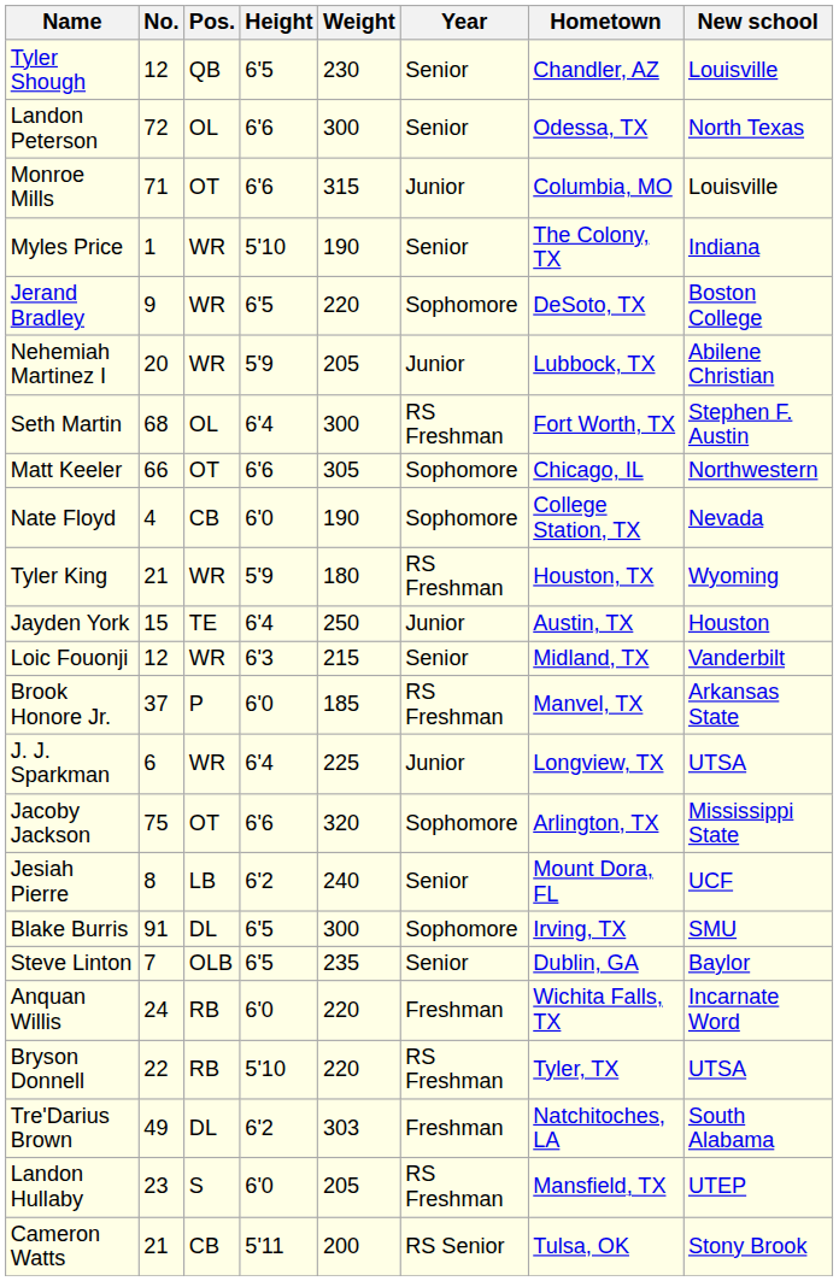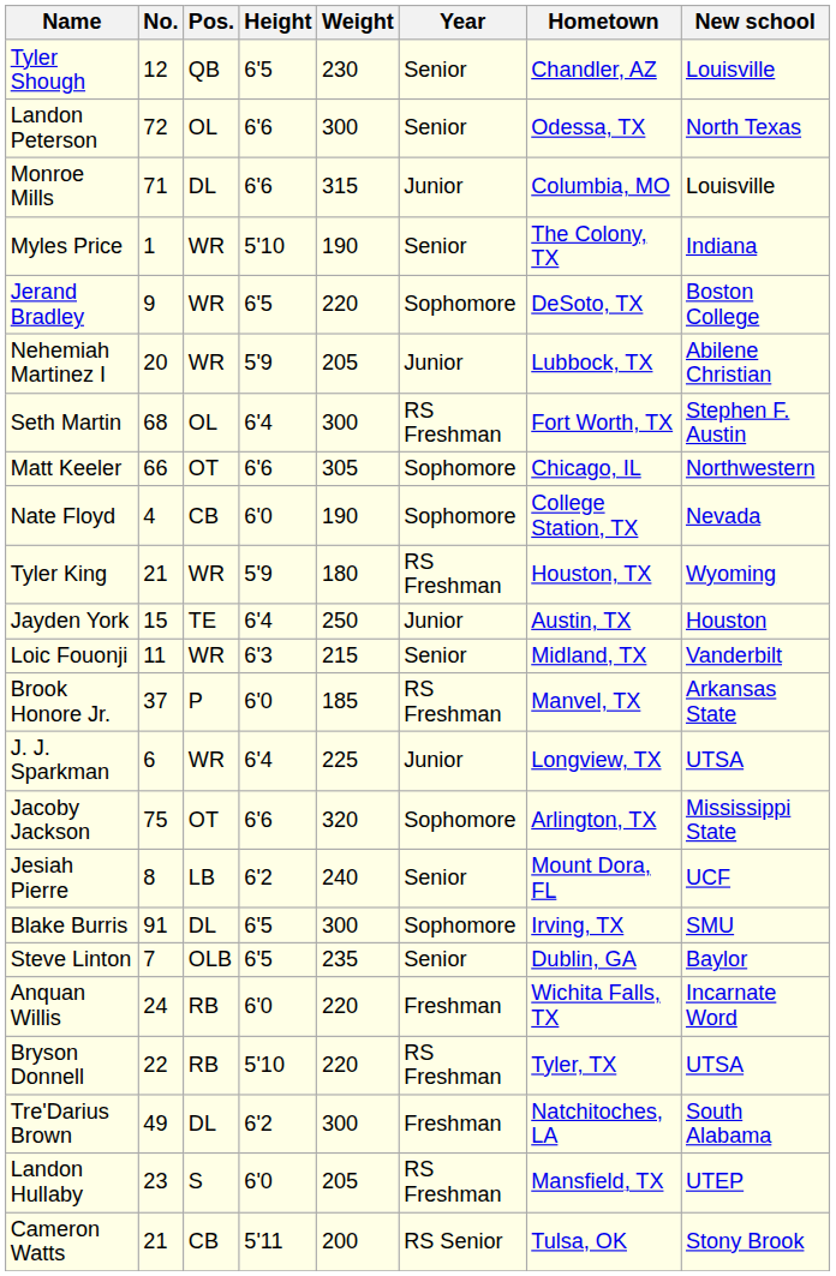 <table class="wikitable sortable">
 <tr>
 <th>Name</th>
 <th>No.</th>
 <th>Pos.</th>
 <th>Height</th>
 <th>Weight</th>
 <th>Year</th>
 <th>Hometown</th>
 <th class="unsortable">New school</th>
 </tr>
 <tr style="background:#FFFFE6;">
 <td><a href='#'>Tyler Shough</a></td>
 <td>12</td>
 <td>QB</td>
 <td>6'5</td>
 <td>230</td>
 <td>Senior</td>
 <td><a href='#'>Chandler, AZ</a></td>
 <td><a href='#'>Louisville</a></td>
 </tr>
 <tr style="background:#FFFFE6;">
 <td>Landon Peterson</td>
 <td>72</td>
 <td>OL</td>
 <td>6'6</td>
 <td>300</td>
 <td>Senior</td>
 <td><a href='#'>Odessa, TX</a></td>
 <td><a href='#'>North Texas</a></td>
 </tr>
 <tr style="background:#FFFFE6;">
 <td>Monroe Mills</td>
 <td>71</td>
-<td>OT</td>
+<td>DL</td>
 <td>6'6</td>
 <td>315</td>
 <td>Junior</td>
 <td><a href='#'>Columbia, MO</a></td>
 <td>Louisville</td>
 </tr>
 <tr style="background:#FFFFE6;">
 <td>Myles Price</td>
 <td>1</td>
 <td>WR</td>
 <td>5'10</td>
 <td>190</td>
 <td>Senior</td>
 <td><a href='#'>The Colony, TX</a></td>
 <td><a href='#'>Indiana</a></td>
 </tr>
 <tr style="background:#FFFFE6;">
 <td><a href='#'>Jerand Bradley</a></td>
 <td>9</td>
 <td>WR</td>
 <td>6'5</td>
 <td>220</td>
 <td>Sophomore</td>
 <td><a href='#'>DeSoto, TX</a></td>
 <td><a href='#'>Boston College</a></td>
 </tr>
 <tr style="background:#FFFFE6;">
 <td>Nehemiah Martinez I</td>
 <td>20</td>
 <td>WR</td>
 <td>5'9</td>
 <td>205</td>
 <td>Junior</td>
 <td><a href='#'>Lubbock, TX</a></td>
 <td><a href='#'>Abilene Christian</a></td>
 </tr>
 <tr style="background:#FFFFE6;">
 <td>Seth Martin</td>
 <td>68</td>
 <td>OL</td>
 <td>6'4</td>
 <td>300</td>
 <td>RS Freshman</td>
 <td><a href='#'>Fort Worth, TX</a></td>
 <td><a href='#'>Stephen F. Austin</a></td>
 </tr>
 <tr style="background:#FFFFE6;">
 <td>Matt Keeler</td>
 <td>66</td>
 <td>OT</td>
 <td>6'6</td>
 <td>305</td>
 <td>Sophomore</td>
 <td><a href='#'>Chicago, IL</a></td>
 <td><a href='#'>Northwestern</a></td>
 </tr>
 <tr style="background:#FFFFE6;">
 <td>Nate Floyd</td>
 <td>4</td>
 <td>CB</td>
 <td>6'0</td>
 <td>190</td>
 <td>Sophomore</td>
 <td><a href='#'>College Station, TX</a></td>
 <td><a href='#'>Nevada</a></td>
 </tr>
 <tr style="background:#FFFFE6;">
 <td>Tyler King</td>
 <td>21</td>
 <td>WR</td>
 <td>5'9</td>
 <td>180</td>
 <td>RS Freshman</td>
 <td><a href='#'>Houston, TX</a></td>
 <td><a href='#'>Wyoming</a></td>
 </tr>
 <tr style="background:#FFFFE6;">
 <td>Jayden York</td>
 <td>15</td>
 <td>TE</td>
 <td>6'4</td>
 <td>250</td>
 <td>Junior</td>
 <td><a href='#'>Austin, TX</a></td>
 <td><a href='#'>Houston</a></td>
 </tr>
 <tr style="background:#FFFFE6;">
 <td>Loic Fouonji</td>
-<td>12</td>
+<td>11</td>
 <td>WR</td>
 <td>6'3</td>
 <td>215</td>
 <td>Senior</td>
 <td><a href='#'>Midland, TX</a></td>
 <td><a href='#'>Vanderbilt</a></td>
 </tr>
 <tr style="background:#FFFFE6;">
 <td>Brook Honore Jr.</td>
 <td>37</td>
 <td>P</td>
 <td>6'0</td>
 <td>185</td>
 <td>RS Freshman</td>
 <td><a href='#'>Manvel, TX</a></td>
 <td><a href='#'>Arkansas State</a></td>
 </tr>
 <tr style="background:#FFFFE6;">
 <td>J. J. Sparkman</td>
 <td>6</td>
 <td>WR</td>
 <td>6'4</td>
 <td>225</td>
 <td>Junior</td>
 <td><a href='#'>Longview, TX</a></td>
 <td><a href='#'>UTSA</a></td>
 </tr>
 <tr style="background:#FFFFE6;">
 <td>Jacoby Jackson</td>
 <td>75</td>
 <td>OT</td>
 <td>6'6</td>
 <td>320</td>
 <td>Sophomore</td>
 <td><a href='#'>Arlington, TX</a></td>
 <td><a href='#'>Mississippi State</a></td>
 </tr>
 <tr style="background:#FFFFE6;">
 <td>Jesiah Pierre</td>
 <td>8</td>
 <td>LB</td>
 <td>6'2</td>
 <td>240</td>
 <td>Senior</td>
 <td><a href='#'>Mount Dora, FL</a></td>
 <td><a href='#'>UCF</a></td>
 </tr>
 <tr style="background:#FFFFE6;">
 <td>Blake Burris</td>
 <td>91</td>
 <td>DL</td>
 <td>6'5</td>
 <td>300</td>
 <td>Sophomore</td>
 <td><a href='#'>Irving, TX</a></td>
 <td><a href='#'>SMU</a></td>
 </tr>
 <tr style="background:#FFFFE6;">
 <td>Steve Linton</td>
 <td>7</td>
 <td>OLB</td>
 <td>6'5</td>
 <td>235</td>
 <td>Senior</td>
 <td><a href='#'>Dublin, GA</a></td>
 <td><a href='#'>Baylor</a></td>
 </tr>
 <tr style="background:#FFFFE6;">
 <td>Anquan Willis</td>
 <td>24</td>
 <td>RB</td>
 <td>6'0</td>
 <td>220</td>
 <td>Freshman</td>
 <td><a href='#'>Wichita Falls, TX</a></td>
 <td><a href='#'>Incarnate Word</a></td>
 </tr>
 <tr style="background:#FFFFE6;">
 <td>Bryson Donnell</td>
 <td>22</td>
 <td>RB</td>
 <td>5'10</td>
 <td>220</td>
 <td>RS Freshman</td>
 <td><a href='#'>Tyler, TX</a></td>
 <td><a href='#'>UTSA</a></td>
 </tr>
 <tr style="background:#FFFFE6;">
 <td>Tre'Darius Brown</td>
 <td>49</td>
 <td>DL</td>
 <td>6'2</td>
-<td>303</td>
+<td>300</td>
 <td>Freshman</td>
 <td><a href='#'>Natchitoches, LA</a></td>
 <td><a href='#'>South Alabama</a></td>
 </tr>
 <tr style="background:#FFFFE6;">
 <td>Landon Hullaby</td>
 <td>23</td>
 <td>S</td>
 <td>6'0</td>
 <td>205</td>
 <td>RS Freshman</td>
 <td><a href='#'>Mansfield, TX</a></td>
 <td><a href='#'>UTEP</a></td>
 </tr>
 <tr style="background:#FFFFE6;">
 <td>Cameron Watts</td>
 <td>21</td>
 <td>CB</td>
 <td>5'11</td>
 <td>200</td>
 <td>RS Senior</td>
 <td><a href='#'>Tulsa, OK</a></td>
 <td><a href='#'>Stony Brook</a></td>
 </tr>
 </table>
